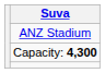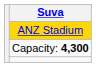 <table class="wikitable" style="text-align:center">
 <tr>
 <th rowspan="4"></th>
 <th><a href='#'>Suva</a></th>
 </tr>
 <tr>
-<td><a href='#'>ANZ Stadium</a></td>
+<td style="background: gold;"><a href='#'>ANZ Stadium</a></td>
 </tr>
 <tr>
 <td>Capacity: <strong>4,300</strong></td>
 </tr>
 <tr>
 <td></td>
 </tr>
 </table>
